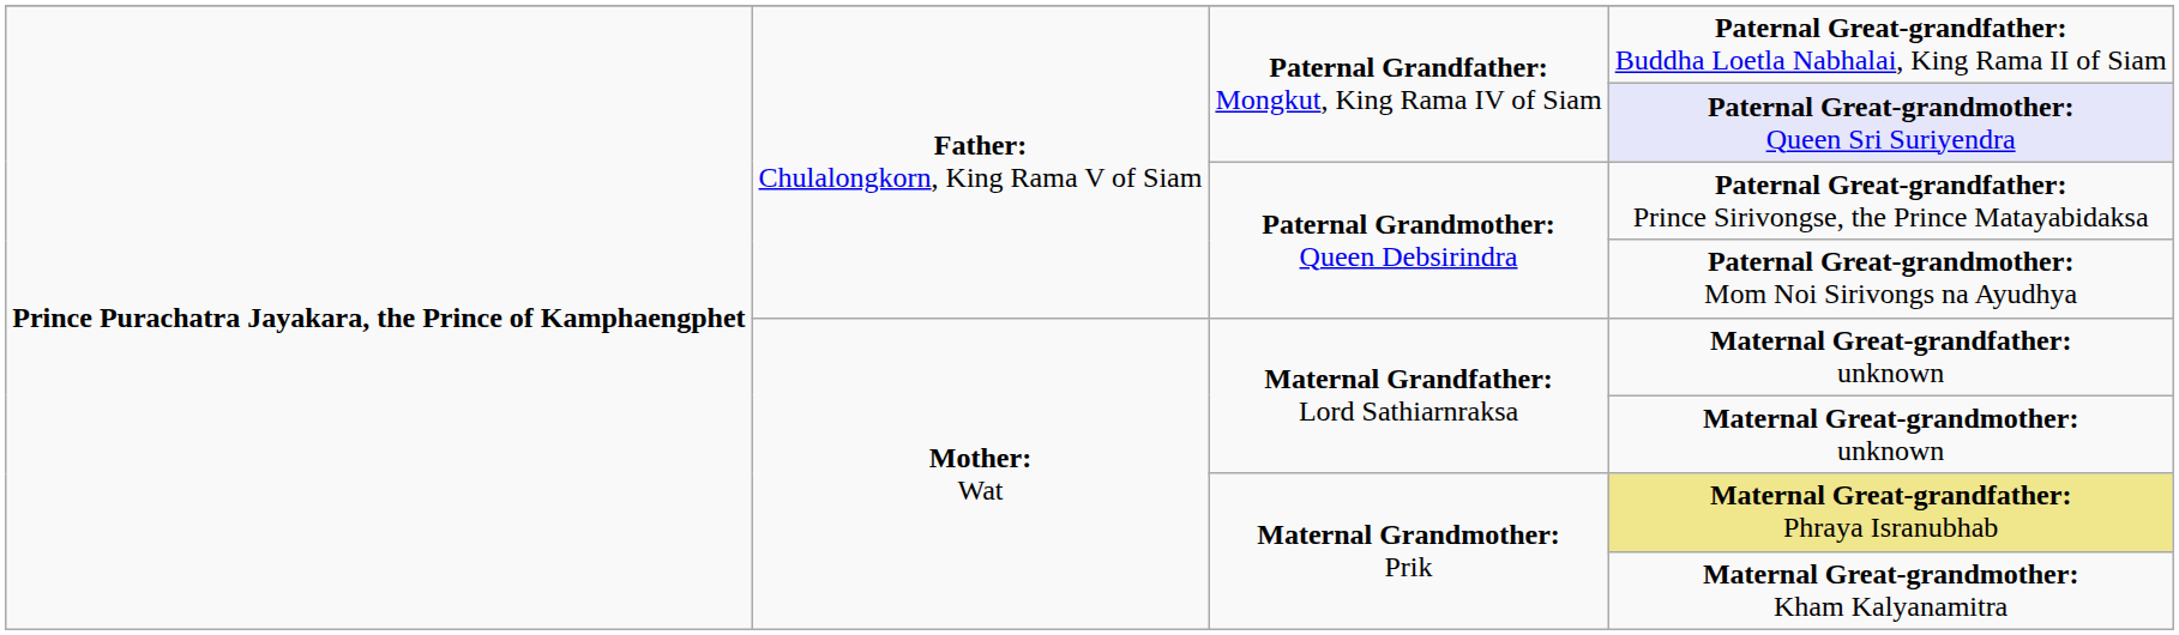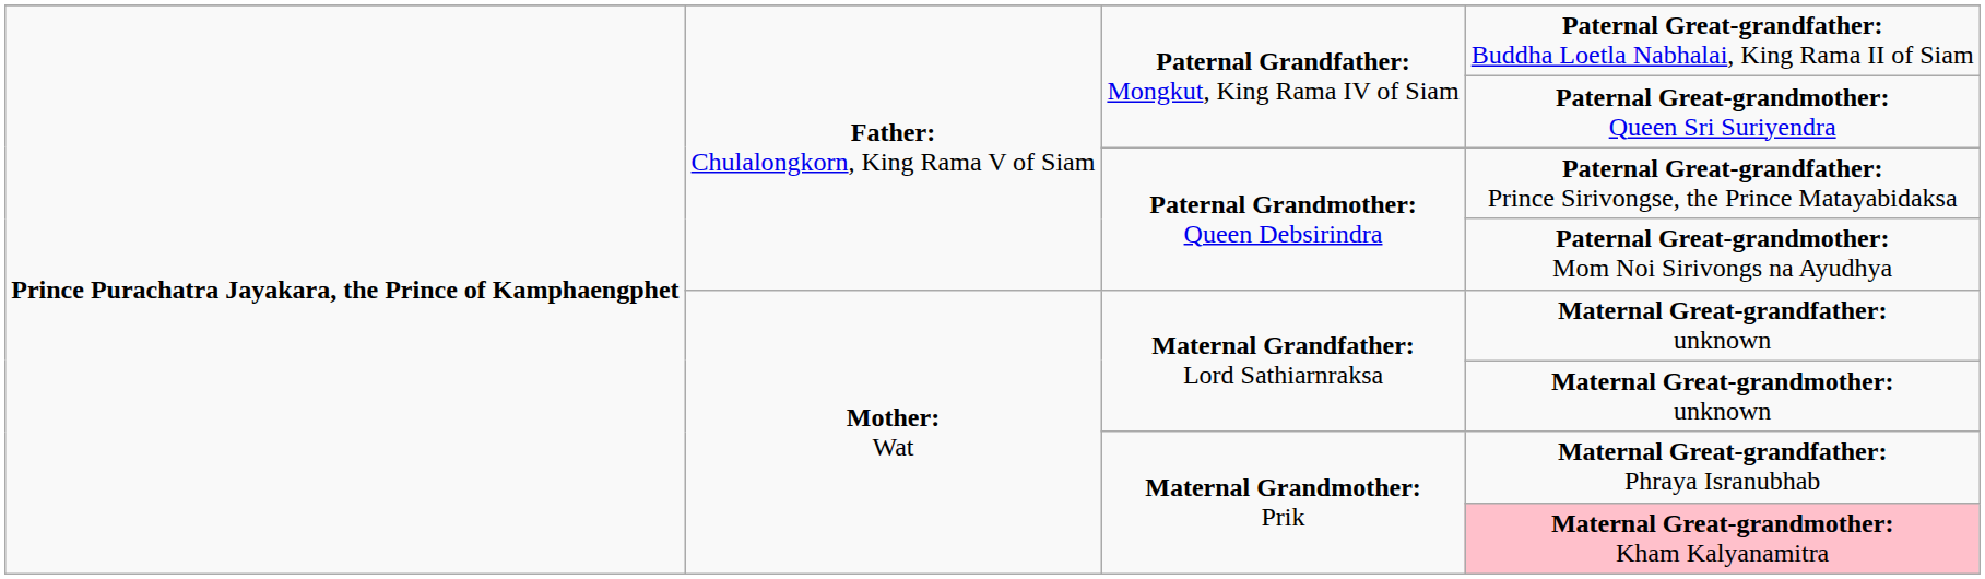 <table class="wikitable">
 <tr>
 </tr>
 <tr>
 <td rowspan="8" align="center"><strong>Prince Purachatra Jayakara, the Prince of Kamphaengphet</strong></td>
 <td rowspan="4" align="center"><strong>Father:</strong><br><a href='#'>Chulalongkorn</a>, King Rama V of Siam</td>
 <td rowspan="2" align="center"><strong>Paternal Grandfather:</strong><br><a href='#'>Mongkut</a>, King Rama IV of Siam</td>
 <td align = "center"><strong>Paternal Great-grandfather:</strong><br><a href='#'>Buddha Loetla Nabhalai</a>, King Rama II of Siam</td>
 </tr>
 <tr>
-<td align = "center" style="background: lavender;"><strong>Paternal Great-grandmother:</strong><br><a href='#'>Queen Sri Suriyendra</a></td>
+<td align = "center"><strong>Paternal Great-grandmother:</strong><br><a href='#'>Queen Sri Suriyendra</a></td>
 </tr>
 <tr>
 <td rowspan="2" align="center"><strong>Paternal Grandmother:</strong><br><a href='#'>Queen Debsirindra</a></td>
 <td align = "center"><strong>Paternal Great-grandfather:</strong><br>Prince Sirivongse, the Prince Matayabidaksa</td>
 </tr>
 <tr>
 <td align = "center"><strong>Paternal Great-grandmother:</strong><br>Mom Noi Sirivongs na Ayudhya</td>
 </tr>
 <tr>
 <td rowspan="4" align="center"><strong>Mother:</strong><br>Wat</td>
 <td rowspan="2" align="center"><strong>Maternal Grandfather:</strong><br>Lord Sathiarnraksa</td>
 <td align = "center"><strong>Maternal Great-grandfather:</strong><br>unknown</td>
 </tr>
 <tr>
 <td align = "center"><strong>Maternal Great-grandmother:</strong><br> unknown</td>
 </tr>
 <tr>
 <td rowspan="2" align="center"><strong>Maternal Grandmother:</strong><br>Prik</td>
-<td align = "center" style="background: khaki;"><strong>Maternal Great-grandfather:</strong><br> Phraya Isranubhab</td>
+<td align = "center"><strong>Maternal Great-grandfather:</strong><br> Phraya Isranubhab</td>
 </tr>
 <tr>
-<td align = "center"><strong>Maternal Great-grandmother:</strong><br>Kham Kalyanamitra</td>
+<td align = "center" style="background: pink;"><strong>Maternal Great-grandmother:</strong><br>Kham Kalyanamitra</td>
 </tr>
 </table>
